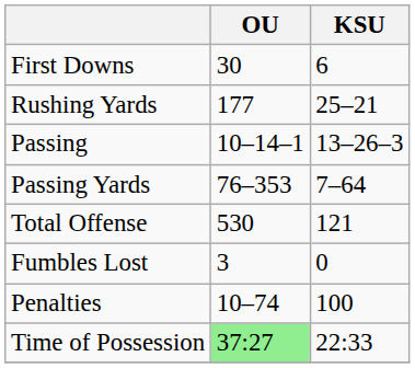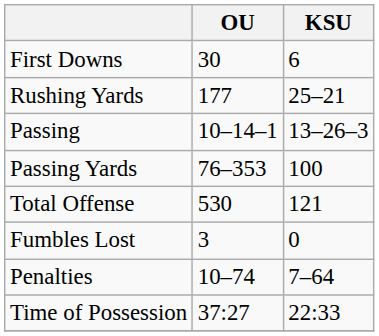 <table class="wikitable">
 <tr>
 <th></th>
 <th>OU</th>
 <th>KSU</th>
 </tr>
 <tr>
 <td>First Downs</td>
 <td>30</td>
 <td>6</td>
 </tr>
 <tr>
 <td>Rushing Yards</td>
 <td>177</td>
 <td>25–21</td>
 </tr>
 <tr>
 <td>Passing</td>
 <td>10–14–1</td>
 <td>13–26–3</td>
 </tr>
 <tr>
 <td>Passing Yards</td>
 <td>76–353</td>
-<td>7–64</td>
+<td>100</td>
 </tr>
 <tr>
 <td>Total Offense</td>
 <td>530</td>
 <td>121</td>
 </tr>
 <tr>
 <td>Fumbles Lost</td>
 <td>3</td>
 <td>0</td>
 </tr>
 <tr>
 <td>Penalties</td>
 <td>10–74</td>
-<td>100</td>
+<td>7–64</td>
 </tr>
 <tr>
 <td>Time of Possession</td>
-<td style="background: lightgreen;">37:27</td>
+<td>37:27</td>
 <td>22:33</td>
 </tr>
 <tr>
 </tr>
 </table>
